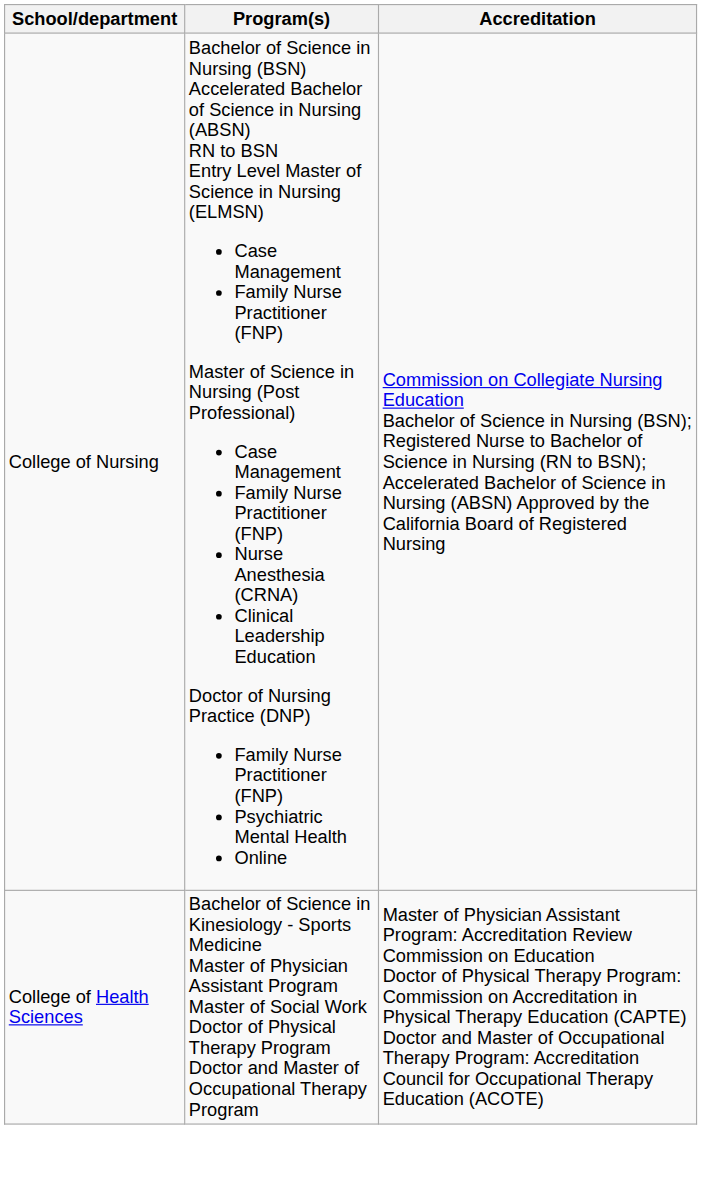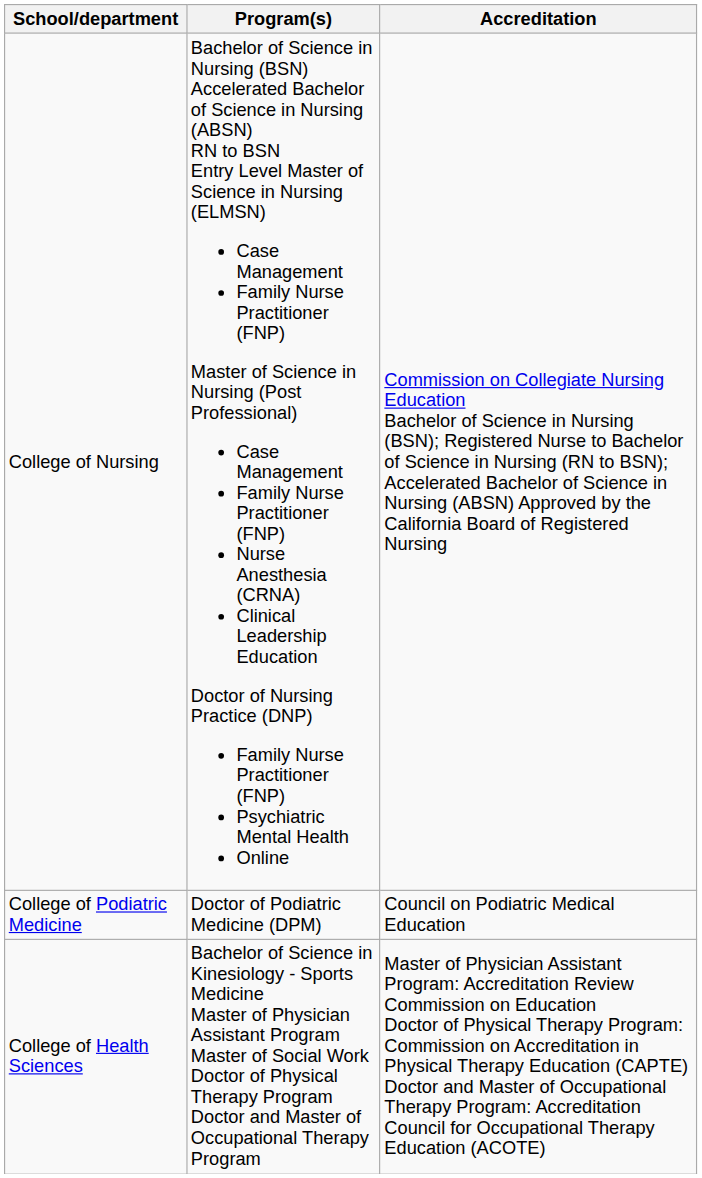 <table class="wikitable">
 <tr>
 <th>School/department</th>
 <th>Program(s)</th>
 <th>Accreditation</th>
 </tr>
 <tr>
 <td>College of Nursing</td>
 <td>Bachelor of Science in Nursing (BSN)<br>Accelerated Bachelor of Science in Nursing (ABSN)<br>RN to BSN<br>Entry Level Master of Science in Nursing (ELMSN)<ul><li>Case Management</li><li>Family Nurse Practitioner (FNP)</li></ul>Master of Science in Nursing (Post Professional)<ul><li>Case Management</li><li>Family Nurse Practitioner (FNP)</li><li>Nurse Anesthesia (CRNA)</li><li>Clinical Leadership Education</li></ul>Doctor of Nursing Practice (DNP)<ul><li>Family Nurse Practitioner (FNP)</li><li>Psychiatric Mental Health</li><li>Online</li></ul></td>
 <td><a href='#'>Commission on Collegiate Nursing Education</a><br>Bachelor of Science in Nursing (BSN); Registered Nurse to Bachelor of Science in Nursing (RN to BSN); Accelerated Bachelor of Science in Nursing (ABSN) Approved by the California Board of Registered Nursing </td>
 </tr>
 <tr>
+<td>College of <a href='#'>Podiatric Medicine</a></td>
+<td>Doctor of Podiatric Medicine (DPM)</td>
+<td>Council on Podiatric Medical Education</td>
+</tr>
+<tr>
 <td>College of <a href='#'>Health Sciences</a></td>
 <td>Bachelor of Science in Kinesiology - Sports Medicine<br>Master of Physician Assistant Program<br>Master of Social Work<br>Doctor of Physical Therapy Program<br>Doctor and Master of Occupational Therapy Program</td>
 <td>Master of Physician Assistant Program: Accreditation Review Commission on Education<br>Doctor of Physical Therapy Program: Commission on Accreditation in Physical Therapy Education (CAPTE)<br>Doctor and Master of Occupational Therapy Program: Accreditation Council for Occupational Therapy Education (ACOTE)</td>
 </tr>
 </table>
